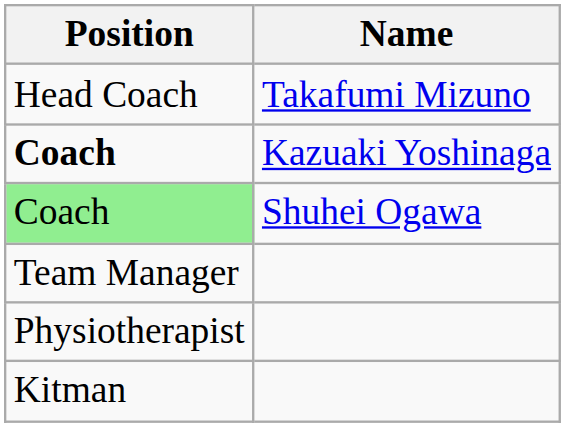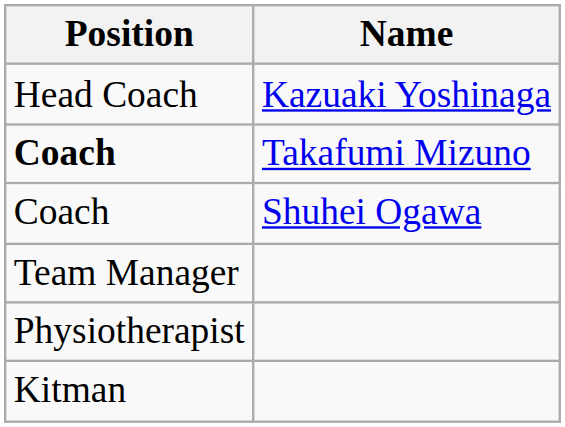 <table class="wikitable">
 <tr>
 <th>Position</th>
 <th>Name</th>
 </tr>
 <tr>
 <td>Head Coach</td>
+<td> <a href='#'>Kazuaki Yoshinaga</a></td>
+</tr>
+<tr>
+<td><strong>Coach</strong></td>
 <td> <a href='#'>Takafumi Mizuno</a></td>
 </tr>
 <tr>
-<td><strong>Coach</strong></td>
-<td> <a href='#'>Kazuaki Yoshinaga</a></td>
-</tr>
-<tr>
-<td style="background: lightgreen;">Coach</td>
+<td>Coach</td>
 <td> <a href='#'>Shuhei Ogawa</a></td>
 </tr>
 <tr>
 <td>Team Manager</td>
 <td></td>
 </tr>
 <tr>
 <td>Physiotherapist</td>
 <td></td>
 </tr>
 <tr>
 <td>Kitman</td>
 <td></td>
 </tr>
 </table>
